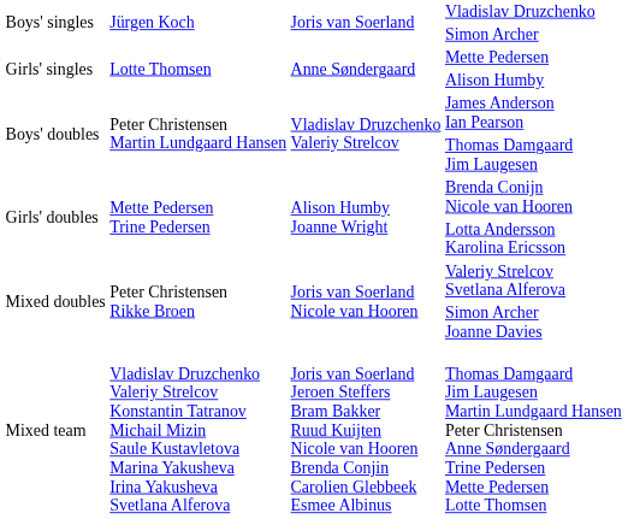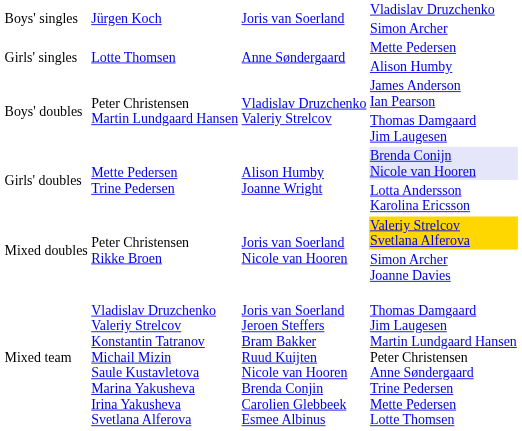 <table>
 <tr>
 <td rowspan=2>Boys' singles</td>
 <td rowspan=2> <a href='#'>Jürgen Koch</a></td>
 <td rowspan=2> <a href='#'>Joris van Soerland</a></td>
 <td> <a href='#'>Vladislav Druzchenko</a></td>
 </tr>
 <tr>
 <td> <a href='#'>Simon Archer</a></td>
 </tr>
 <tr>
 <td rowspan=2>Girls' singles</td>
 <td rowspan=2> <a href='#'>Lotte Thomsen</a></td>
 <td rowspan=2> <a href='#'>Anne Søndergaard</a></td>
 <td> <a href='#'>Mette Pedersen</a></td>
 </tr>
 <tr>
 <td> <a href='#'>Alison Humby</a></td>
 </tr>
 <tr>
 <td rowspan=2>Boys' doubles</td>
 <td rowspan=2> Peter Christensen<br> <a href='#'>Martin Lundgaard Hansen</a></td>
 <td rowspan=2> <a href='#'>Vladislav Druzchenko</a><br> <a href='#'>Valeriy Strelcov</a></td>
 <td> <a href='#'>James Anderson</a><br> <a href='#'>Ian Pearson</a></td>
 </tr>
 <tr>
 <td> <a href='#'>Thomas Damgaard</a><br> <a href='#'>Jim Laugesen</a></td>
 </tr>
 <tr>
 <td rowspan=2>Girls' doubles</td>
 <td rowspan=2> <a href='#'>Mette Pedersen</a><br> <a href='#'>Trine Pedersen</a></td>
 <td rowspan=2> <a href='#'>Alison Humby</a><br> <a href='#'>Joanne Wright</a></td>
-<td> <a href='#'>Brenda Conijn</a><br> <a href='#'>Nicole van Hooren</a></td>
+<td style="background: lavender;"> <a href='#'>Brenda Conijn</a><br> <a href='#'>Nicole van Hooren</a></td>
 </tr>
 <tr>
 <td> <a href='#'>Lotta Andersson</a><br> <a href='#'>Karolina Ericsson</a></td>
 </tr>
 <tr>
 <td rowspan=2>Mixed doubles</td>
 <td rowspan=2> Peter Christensen<br> <a href='#'>Rikke Broen</a></td>
 <td rowspan=2> <a href='#'>Joris van Soerland</a><br> <a href='#'>Nicole van Hooren</a></td>
-<td> <a href='#'>Valeriy Strelcov</a><br> <a href='#'>Svetlana Alferova</a></td>
+<td style="background: gold;"> <a href='#'>Valeriy Strelcov</a><br> <a href='#'>Svetlana Alferova</a></td>
 </tr>
 <tr>
 <td> <a href='#'>Simon Archer</a><br> <a href='#'>Joanne Davies</a></td>
 </tr>
 <tr>
 <td>Mixed team</td>
 <td><br><a href='#'>Vladislav Druzchenko</a><br><a href='#'>Valeriy Strelcov</a><br><a href='#'>Konstantin Tatranov</a><br><a href='#'>Michail Mizin</a><br><a href='#'>Saule Kustavletova</a><br><a href='#'>Marina Yakusheva</a><br><a href='#'>Irina Yakusheva</a><br><a href='#'>Svetlana Alferova</a></td>
 <td><br><a href='#'>Joris van Soerland</a><br><a href='#'>Jeroen Steffers</a><br><a href='#'>Bram Bakker</a><br><a href='#'>Ruud Kuijten</a><br><a href='#'>Nicole van Hooren</a><br><a href='#'>Brenda Conjin</a><br><a href='#'>Carolien Glebbeek</a><br><a href='#'>Esmee Albinus</a></td>
 <td> <br><a href='#'>Thomas Damgaard</a><br><a href='#'>Jim Laugesen</a><br><a href='#'>Martin Lundgaard Hansen</a><br>Peter Christensen<br><a href='#'>Anne Søndergaard</a><br><a href='#'>Trine Pedersen</a><br><a href='#'>Mette Pedersen</a><br><a href='#'>Lotte Thomsen</a></td>
 </tr>
 </table>
